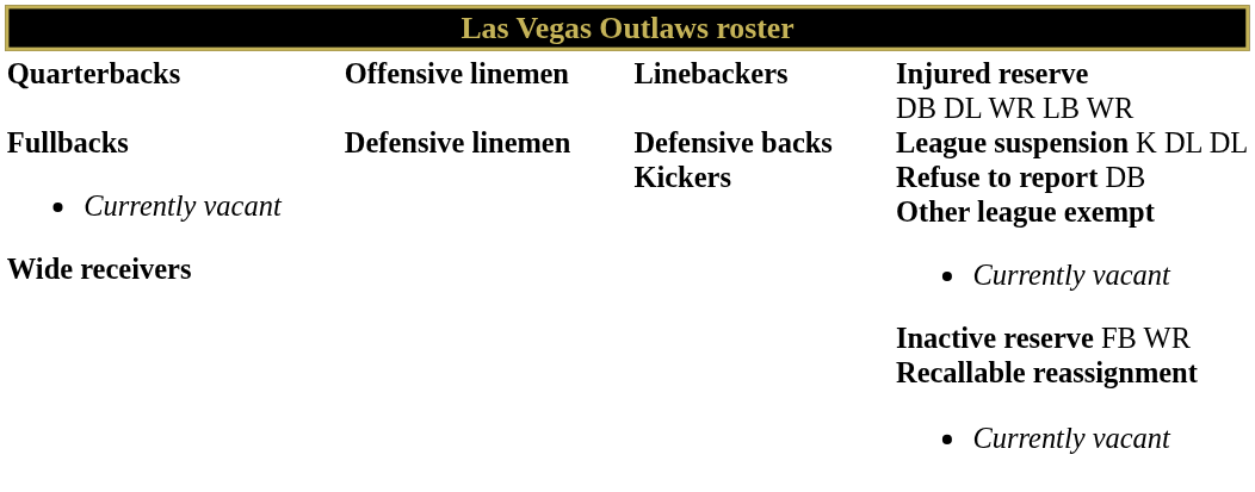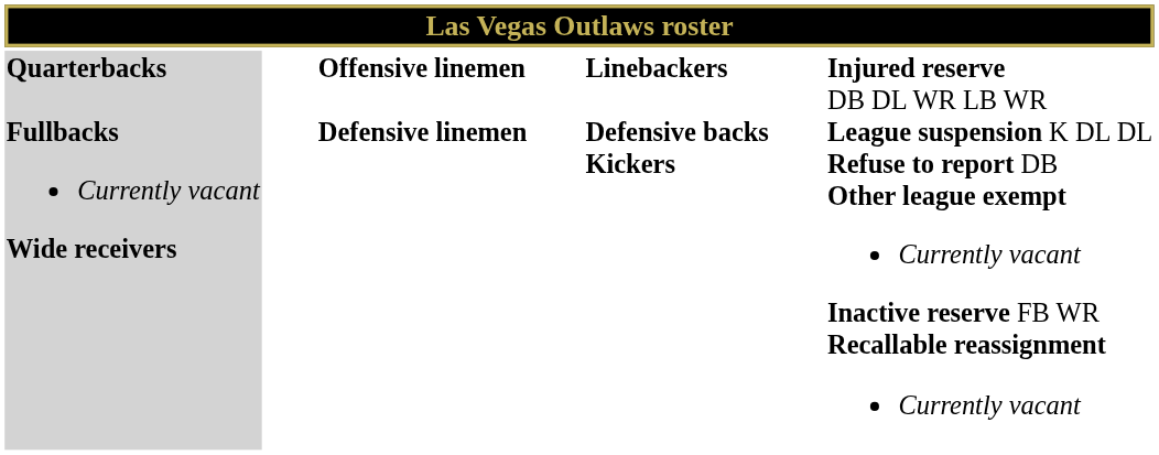 <table class="toccolours" style="text-align: left;">
 <tr>
 <th colspan=7 style="text-align:center; color:#C5B358; background-color:black; border: 2px solid #C5B358;">Las Vegas Outlaws roster</th>
 </tr>
 <tr>
-<td style="font-size: 95%;vertical-align:top;"><strong>Quarterbacks</strong><br> <br><strong>Fullbacks</strong><ul><li><em>Currently vacant</em></li></ul><strong>Wide receivers</strong>     </td>
+<td style="background: lightgrey; font-size: 95%;vertical-align:top;"><strong>Quarterbacks</strong><br> <br><strong>Fullbacks</strong><ul><li><em>Currently vacant</em></li></ul><strong>Wide receivers</strong>     </td>
 <td style="width: 25px;"></td>
 <td style="font-size: 95%;vertical-align:top;"><strong>Offensive linemen</strong><br>     <br><strong>Defensive linemen</strong>    </td>
 <td style="width: 25px;"></td>
 <td style="font-size: 95%;vertical-align:top;"><strong>Linebackers</strong><br><br><strong>Defensive backs</strong>    <br><strong>Kickers</strong> </td>
 <td style="width: 25px;"></td>
 <td style="font-size: 95%;vertical-align:top;"><strong>Injured reserve</strong><br>  DB   DL   WR  LB  WR<br><strong>League suspension</strong>   K  DL   DL  <br><strong>Refuse to report</strong>  DB  <br><strong>Other league exempt</strong><ul><li><em>Currently vacant</em></li></ul><strong>Inactive reserve</strong>  FB  WR<br><strong>Recallable reassignment</strong><ul><li><em>Currently vacant</em></li></ul></td>
 </tr>
 <tr>
 </tr>
 </table>
